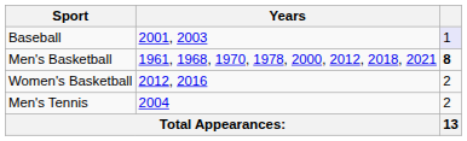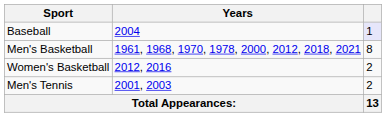 <table class="wikitable"; style= "text-align:">
 <tr>
 <th width=px>Sport</th>
 <th width=px>Years</th>
 <th width=px></th>
 </tr>
 <tr>
 <td>Baseball</td>
-<td><a href='#'>2001</a>, <a href='#'>2003</a></td>
+<td><a href='#'>2004</a></td>
 <td style="background: lavender;">1</td>
 </tr>
 <tr>
 <td>Men's Basketball</td>
 <td><a href='#'>1961</a>,  <a href='#'>1968</a>, <a href='#'>1970</a>, <a href='#'>1978</a>, <a href='#'>2000</a>, <a href='#'>2012</a>, <a href='#'>2018</a>, <a href='#'>2021</a></td>
-<td><strong>8</strong></td>
+<td>8</td>
 </tr>
 <tr>
 <td>Women's Basketball</td>
 <td><a href='#'>2012</a>, <a href='#'>2016</a></td>
 <td>2</td>
 </tr>
 <tr>
 <td>Men's Tennis</td>
-<td><a href='#'>2004</a></td>
+<td><a href='#'>2001</a>, <a href='#'>2003</a></td>
 <td>2</td>
 </tr>
 <tr class="sortbottom">
 <th colspan="2;">Total Appearances:</th>
 <th colspan="2;">13</th>
 </tr>
 </table>
